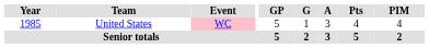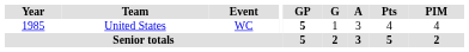 <table border="0" cellpadding="1" cellspacing="0" ID="Table3" style="text-align:center; width:40em">
 <tr bgcolor="#e0e0e0">
 <th>Year</th>
 <th>Team</th>
 <th>Event</th>
 <th rowspan="102" bgcolor="#ffffff"></th>
 <th>GP</th>
 <th>G</th>
 <th>A</th>
 <th>Pts</th>
 <th>PIM</th>
 </tr>
 <tr>
 <td><a href='#'>1985</a></td>
 <td><a href='#'>United States</a></td>
-<td style="background: pink;"><a href='#'>WC</a></td>
-<td>5</td>
+<td><a href='#'>WC</a></td>
+<td><strong>5</strong></td>
 <td>1</td>
 <td>3</td>
 <td>4</td>
 <td>4</td>
 </tr>
 <tr bgcolor="#e0e0e0">
 <th colspan="4">Senior totals</th>
 <th>5</th>
 <th>2</th>
 <th>3</th>
 <th>5</th>
 <th>2</th>
 </tr>
 </table>
